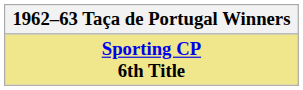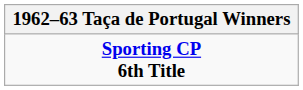 <table class="wikitable" style="text-align: center; margin: 0 auto; width: 20%">
 <tr>
 <th>1962–63 Taça de Portugal Winners</th>
 </tr>
 <tr>
-<td style="background: khaki;"><strong><a href='#'>Sporting CP</a></strong><br><strong>6th Title</strong></td>
+<td><strong><a href='#'>Sporting CP</a></strong><br><strong>6th Title</strong></td>
 </tr>
 </table>
